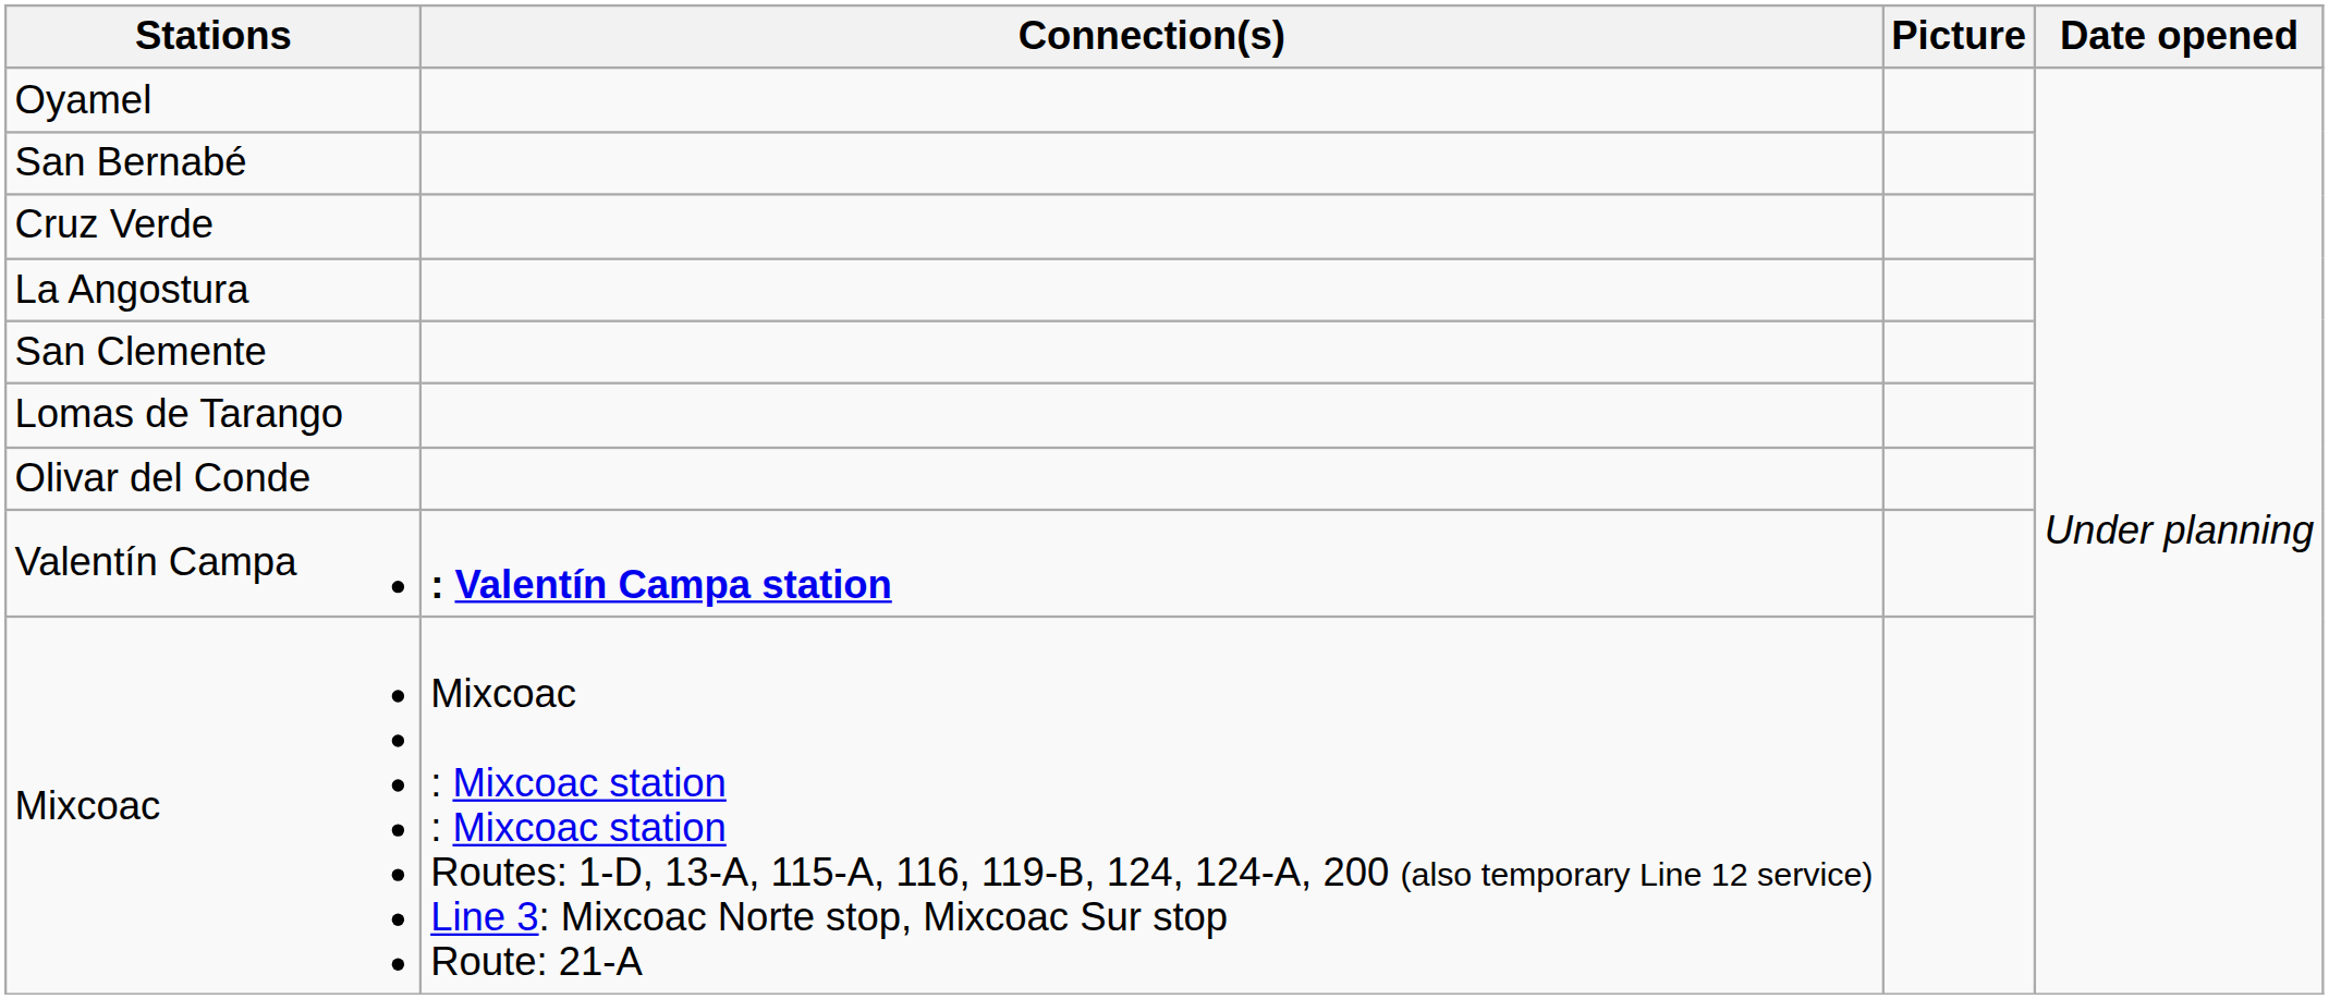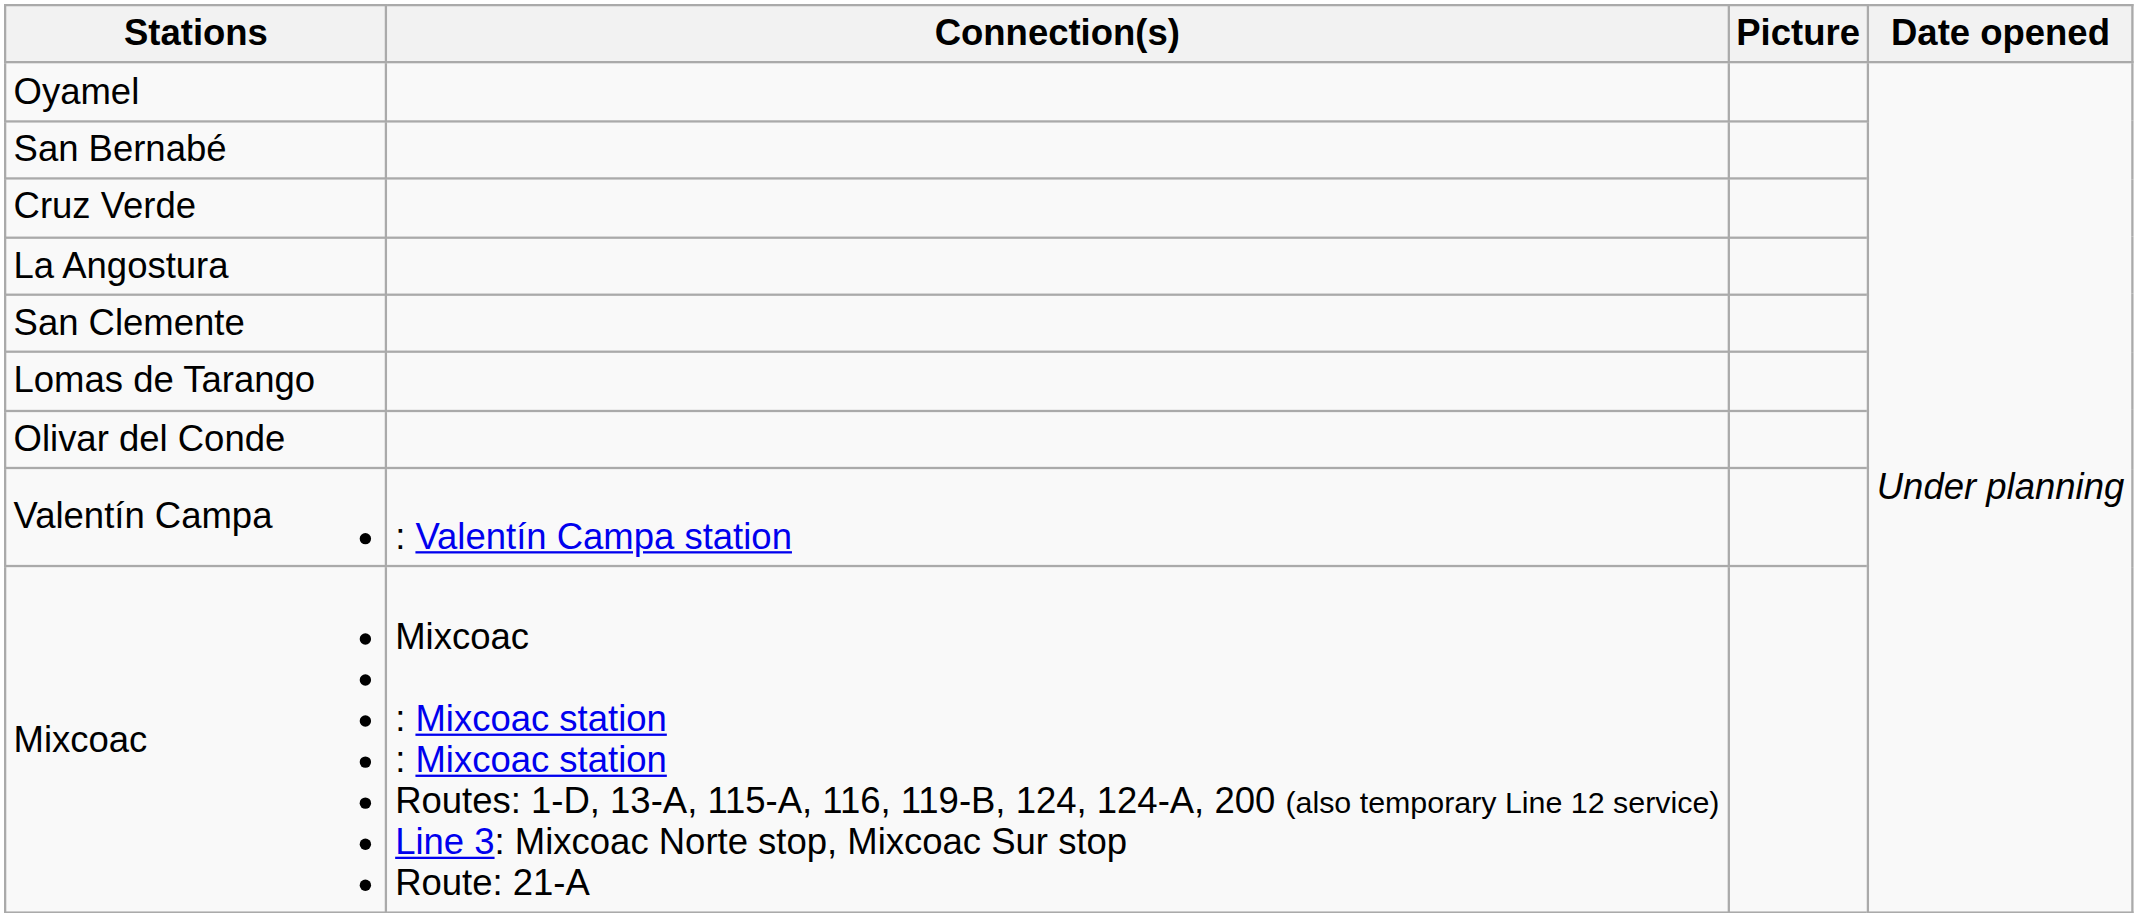 <table class="wikitable">
 <tr>
 <th width="160px">Stations</th>
 <th>Connection(s)</th>
 <th>Picture</th>
 <th>Date opened</th>
 </tr>
 <tr>
 <td> Oyamel</td>
 <td></td>
 <td></td>
 <td rowspan=9><em>Under planning</em></td>
 </tr>
 <tr>
 <td> San Bernabé</td>
 <td></td>
 <td></td>
 </tr>
 <tr>
 <td> Cruz Verde</td>
 <td></td>
 <td></td>
 </tr>
 <tr>
 <td> La Angostura</td>
 <td></td>
 <td></td>
 </tr>
 <tr>
 <td> San Clemente</td>
 <td></td>
 <td></td>
 </tr>
 <tr>
 <td> Lomas de Tarango</td>
 <td></td>
 <td></td>
 </tr>
 <tr>
 <td> Olivar del Conde</td>
 <td></td>
 <td></td>
 </tr>
 <tr>
 <td> Valentín Campa</td>
-<td><strong><br><li> : <a href='#'>Valentín Campa station</a></li></strong></td>
+<td><br><li> : <a href='#'>Valentín Campa station</a></li></td>
 <td></td>
 </tr>
 <tr>
 <td> Mixcoac</td>
 <td><br><li> Mixcoac</li> <li></li> <li> : <a href='#'>Mixcoac station</a></li> <li> : <a href='#'>Mixcoac station</a></li> <li> Routes: 1-D, 13-A, 115-A, 116, 119-B, 124, 124-A, 200 <small>(also temporary Line 12 service)</small></li> <li>  <a href='#'>Line 3</a>: Mixcoac Norte stop, Mixcoac Sur stop</li> <li> Route: 21-A</td>
 <td></td>
 </tr>
 </table>
